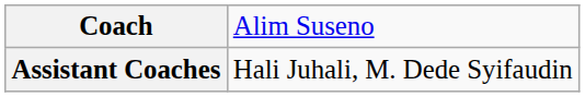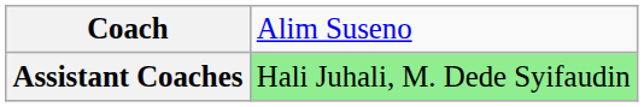 <table class="wikitable">
 <tr>
 <th>Coach</th>
 <td> <a href='#'>Alim Suseno</a></td>
 </tr>
 <tr>
 <th>Assistant Coaches</th>
-<td> Hali Juhali, M. Dede Syifaudin</td>
+<td style="background: lightgreen;"> Hali Juhali, M. Dede Syifaudin</td>
 </tr>
 </table>
